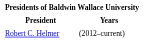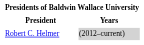 <table class="nowrap toccolours"  style="float:right; margin-left:1em; font-size:70%; line-height:1.4em;" id="Presidents of Baldwin Wallace University">
 <tr>
 <th colspan="4" style="text-align:center; color:Black;"><strong>Presidents of Baldwin Wallace University</strong></th>
 </tr>
 <tr>
 <td style="text-align:center;"><strong>President</strong></td>
 <td style="text-align:center;"><strong>Years</strong></td>
 </tr>
 <tr>
 <td><a href='#'>Robert C. Helmer</a></td>
-<td>(2012–current)</td>
+<td style="background: lightgrey;">(2012–current)</td>
 </tr>
 </table>
